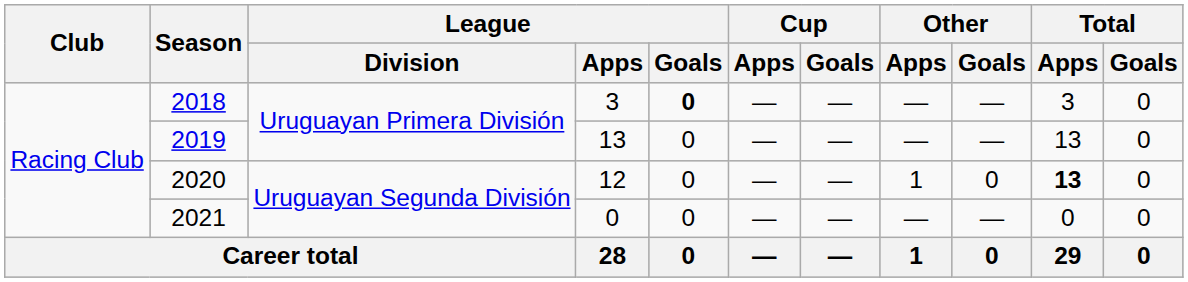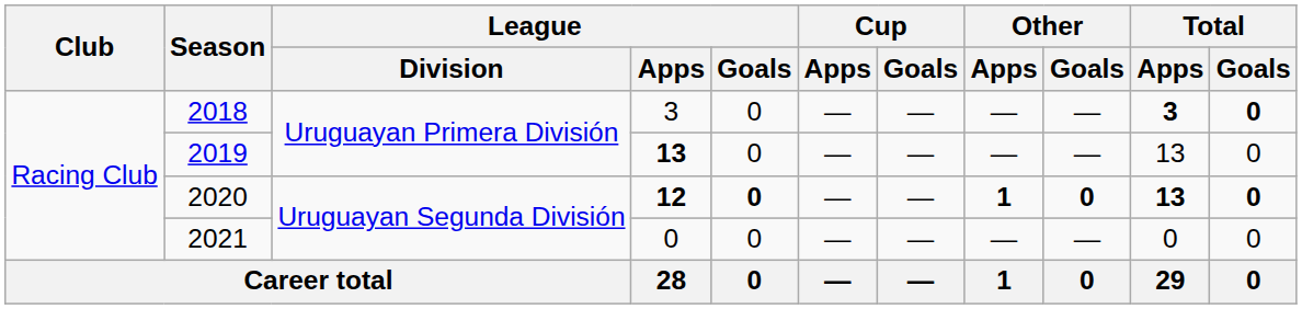 <table class=wikitable style=text-align:center>
 <tr>
 <th rowspan=2>Club</th>
 <th rowspan=2>Season</th>
 <th colspan=3>League</th>
 <th colspan=2>Cup</th>
 <th colspan=2>Other</th>
 <th colspan=2>Total</th>
 </tr>
 <tr>
 <th>Division</th>
 <th>Apps</th>
 <th>Goals</th>
 <th>Apps</th>
 <th>Goals</th>
 <th>Apps</th>
 <th>Goals</th>
 <th>Apps</th>
 <th>Goals</th>
 </tr>
 <tr>
 <td rowspan=4><a href='#'>Racing Club</a></td>
 <td><a href='#'>2018</a></td>
 <td rowspan=2><a href='#'>Uruguayan Primera División</a></td>
 <td>3</td>
-<td><strong>0</strong></td>
+<td>0</td>
 <td>—</td>
 <td>—</td>
 <td>—</td>
 <td>—</td>
-<td>3</td>
-<td>0</td>
+<td><strong>3</strong></td>
+<td><strong>0</strong></td>
 </tr>
 <tr>
 <td><a href='#'>2019</a></td>
-<td>13</td>
+<td><strong>13</strong></td>
 <td>0</td>
 <td>—</td>
 <td>—</td>
 <td>—</td>
 <td>—</td>
 <td>13</td>
 <td>0</td>
 </tr>
 <tr>
 <td>2020</td>
 <td rowspan=2><a href='#'>Uruguayan Segunda División</a></td>
-<td>12</td>
-<td>0</td>
+<td><strong>12</strong></td>
+<td><strong>0</strong></td>
 <td>—</td>
 <td>—</td>
-<td>1</td>
-<td>0</td>
+<td><strong>1</strong></td>
+<td><strong>0</strong></td>
 <td><strong>13</strong></td>
-<td>0</td>
+<td><strong>0</strong></td>
 </tr>
 <tr>
 <td>2021</td>
 <td>0</td>
 <td>0</td>
 <td>—</td>
 <td>—</td>
 <td>—</td>
 <td>—</td>
 <td>0</td>
 <td>0</td>
 </tr>
 <tr>
 <th colspan=3>Career total</th>
 <th>28</th>
 <th>0</th>
 <th>—</th>
 <th>—</th>
 <th>1</th>
 <th>0</th>
 <th>29</th>
 <th>0</th>
 </tr>
 </table>
